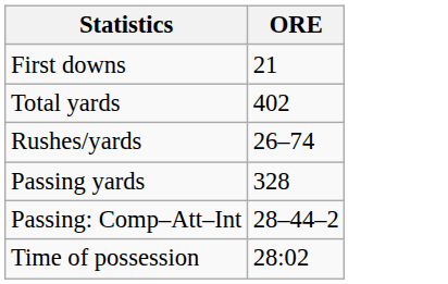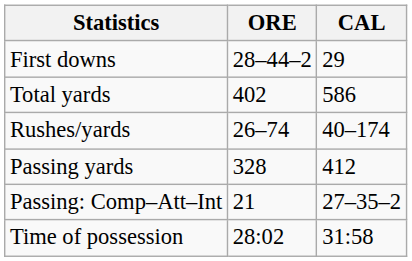 <table class="wikitable" style="float: left;">
 <tr>
 <th>Statistics</th>
 <th>ORE</th>
+<th>CAL</th>
 </tr>
 <tr>
 <td>First downs</td>
-<td>21</td>
+<td>28–44–2</td>
+<td>29</td>
 </tr>
 <tr>
 <td>Total yards</td>
 <td>402</td>
+<td>586</td>
 </tr>
 <tr>
 <td>Rushes/yards</td>
 <td>26–74</td>
+<td>40–174</td>
 </tr>
 <tr>
 <td>Passing yards</td>
 <td>328</td>
+<td>412</td>
 </tr>
 <tr>
 <td>Passing: Comp–Att–Int</td>
-<td>28–44–2</td>
+<td>21</td>
+<td>27–35–2</td>
 </tr>
 <tr>
 <td>Time of possession</td>
 <td>28:02</td>
+<td>31:58</td>
 </tr>
 </table>
